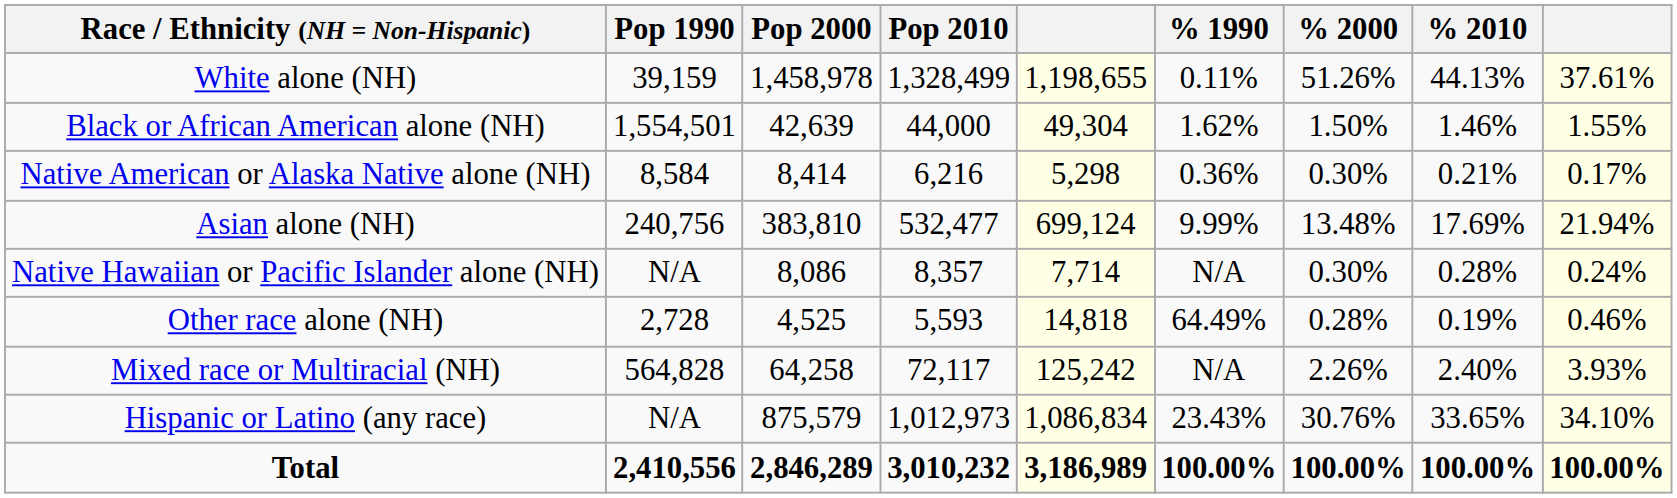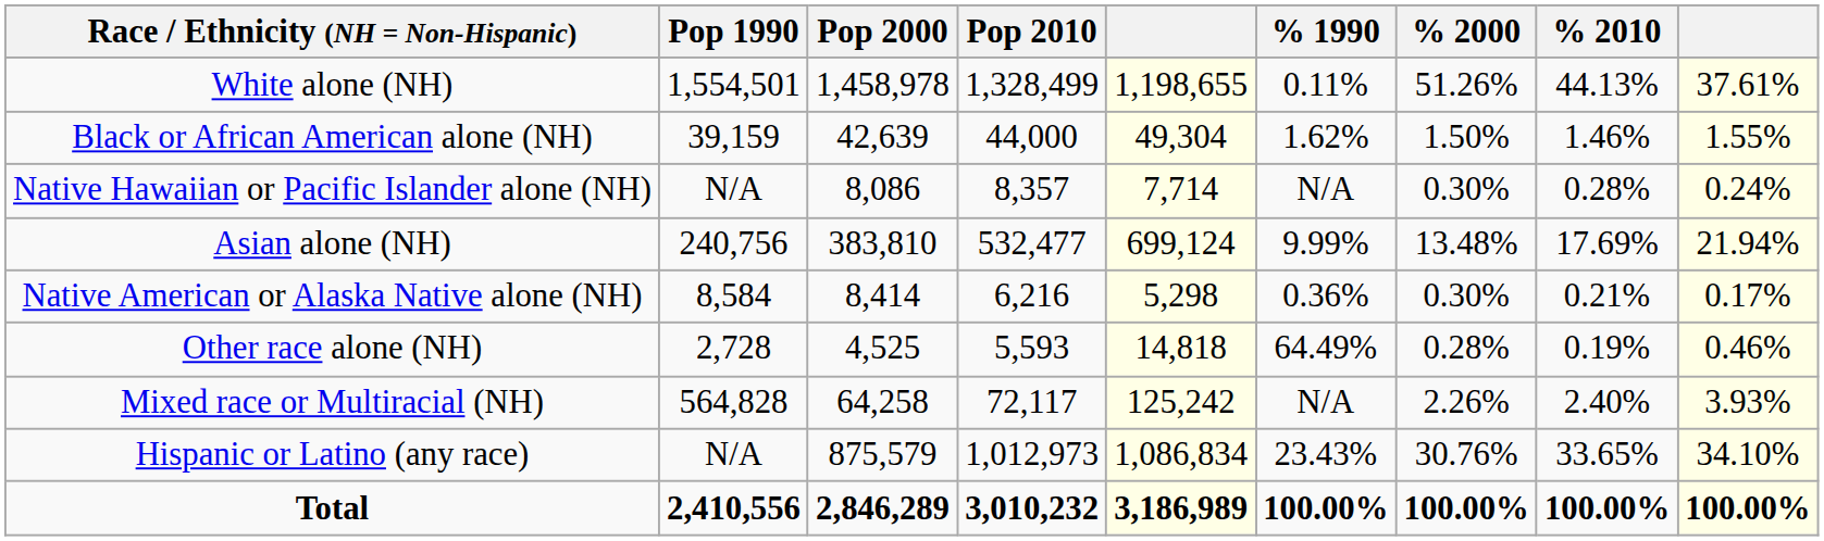 <table class="wikitable" style="text-align:center;">
 <tr>
 <th>Race / Ethnicity <small>(<em>NH = Non-Hispanic</em>)</small></th>
 <th>Pop 1990</th>
 <th>Pop 2000</th>
 <th>Pop 2010</th>
 <th></th>
 <th>% 1990</th>
 <th>% 2000</th>
 <th>% 2010</th>
 <th></th>
 </tr>
 <tr>
 <td><a href='#'>White</a> alone (NH)</td>
-<td>39,159</td>
+<td>1,554,501</td>
 <td>1,458,978</td>
 <td>1,328,499</td>
 <td style='background: #ffffe6;'>1,198,655</td>
 <td>0.11%</td>
 <td>51.26%</td>
 <td>44.13%</td>
 <td style='background: #ffffe6;'>37.61%</td>
 </tr>
 <tr>
 <td><a href='#'>Black or African American</a> alone (NH)</td>
-<td>1,554,501</td>
+<td>39,159</td>
 <td>42,639</td>
 <td>44,000</td>
 <td style='background: #ffffe6;'>49,304</td>
 <td>1.62%</td>
 <td>1.50%</td>
 <td>1.46%</td>
 <td style='background: #ffffe6;'>1.55%</td>
 </tr>
 <tr>
-<td><a href='#'>Native American</a> or <a href='#'>Alaska Native</a> alone (NH)</td>
-<td>8,584</td>
-<td>8,414</td>
-<td>6,216</td>
-<td style='background: #ffffe6;'>5,298</td>
-<td>0.36%</td>
+<td><a href='#'>Native Hawaiian</a> or <a href='#'>Pacific Islander</a> alone (NH)</td>
+<td>N/A</td>
+<td>8,086</td>
+<td>8,357</td>
+<td style='background: #ffffe6;'>7,714</td>
+<td>N/A</td>
 <td>0.30%</td>
-<td>0.21%</td>
-<td style='background: #ffffe6;'>0.17%</td>
+<td>0.28%</td>
+<td style='background: #ffffe6;'>0.24%</td>
 </tr>
 <tr>
 <td><a href='#'>Asian</a> alone (NH)</td>
 <td>240,756</td>
 <td>383,810</td>
 <td>532,477</td>
 <td style='background: #ffffe6;'>699,124</td>
 <td>9.99%</td>
 <td>13.48%</td>
 <td>17.69%</td>
 <td style='background: #ffffe6;'>21.94%</td>
 </tr>
 <tr>
-<td><a href='#'>Native Hawaiian</a> or <a href='#'>Pacific Islander</a> alone (NH)</td>
-<td>N/A</td>
-<td>8,086</td>
-<td>8,357</td>
-<td style='background: #ffffe6;'>7,714</td>
-<td>N/A</td>
+<td><a href='#'>Native American</a> or <a href='#'>Alaska Native</a> alone (NH)</td>
+<td>8,584</td>
+<td>8,414</td>
+<td>6,216</td>
+<td style='background: #ffffe6;'>5,298</td>
+<td>0.36%</td>
 <td>0.30%</td>
-<td>0.28%</td>
-<td style='background: #ffffe6;'>0.24%</td>
+<td>0.21%</td>
+<td style='background: #ffffe6;'>0.17%</td>
 </tr>
 <tr>
 <td><a href='#'>Other race</a> alone (NH)</td>
 <td>2,728</td>
 <td>4,525</td>
 <td>5,593</td>
 <td style='background: #ffffe6;'>14,818</td>
 <td>64.49%</td>
 <td>0.28%</td>
 <td>0.19%</td>
 <td style='background: #ffffe6;'>0.46%</td>
 </tr>
 <tr>
 <td><a href='#'>Mixed race or Multiracial</a> (NH)</td>
 <td>564,828</td>
 <td>64,258</td>
 <td>72,117</td>
 <td style='background: #ffffe6;'>125,242</td>
 <td>N/A</td>
 <td>2.26%</td>
 <td>2.40%</td>
 <td style='background: #ffffe6;'>3.93%</td>
 </tr>
 <tr>
 <td><a href='#'>Hispanic or Latino</a> (any race)</td>
 <td>N/A</td>
 <td>875,579</td>
 <td>1,012,973</td>
 <td style='background: #ffffe6;'>1,086,834</td>
 <td>23.43%</td>
 <td>30.76%</td>
 <td>33.65%</td>
 <td style='background: #ffffe6;'>34.10%</td>
 </tr>
 <tr>
 <td><strong>Total</strong></td>
 <td><strong>2,410,556</strong></td>
 <td><strong>2,846,289</strong></td>
 <td><strong>3,010,232</strong></td>
 <td style='background: #ffffe6;'><strong>3,186,989</strong></td>
 <td><strong>100.00%</strong></td>
 <td><strong>100.00%</strong></td>
 <td><strong>100.00%</strong></td>
 <td style='background: #ffffe6;'><strong>100.00%</strong></td>
 </tr>
 </table>
